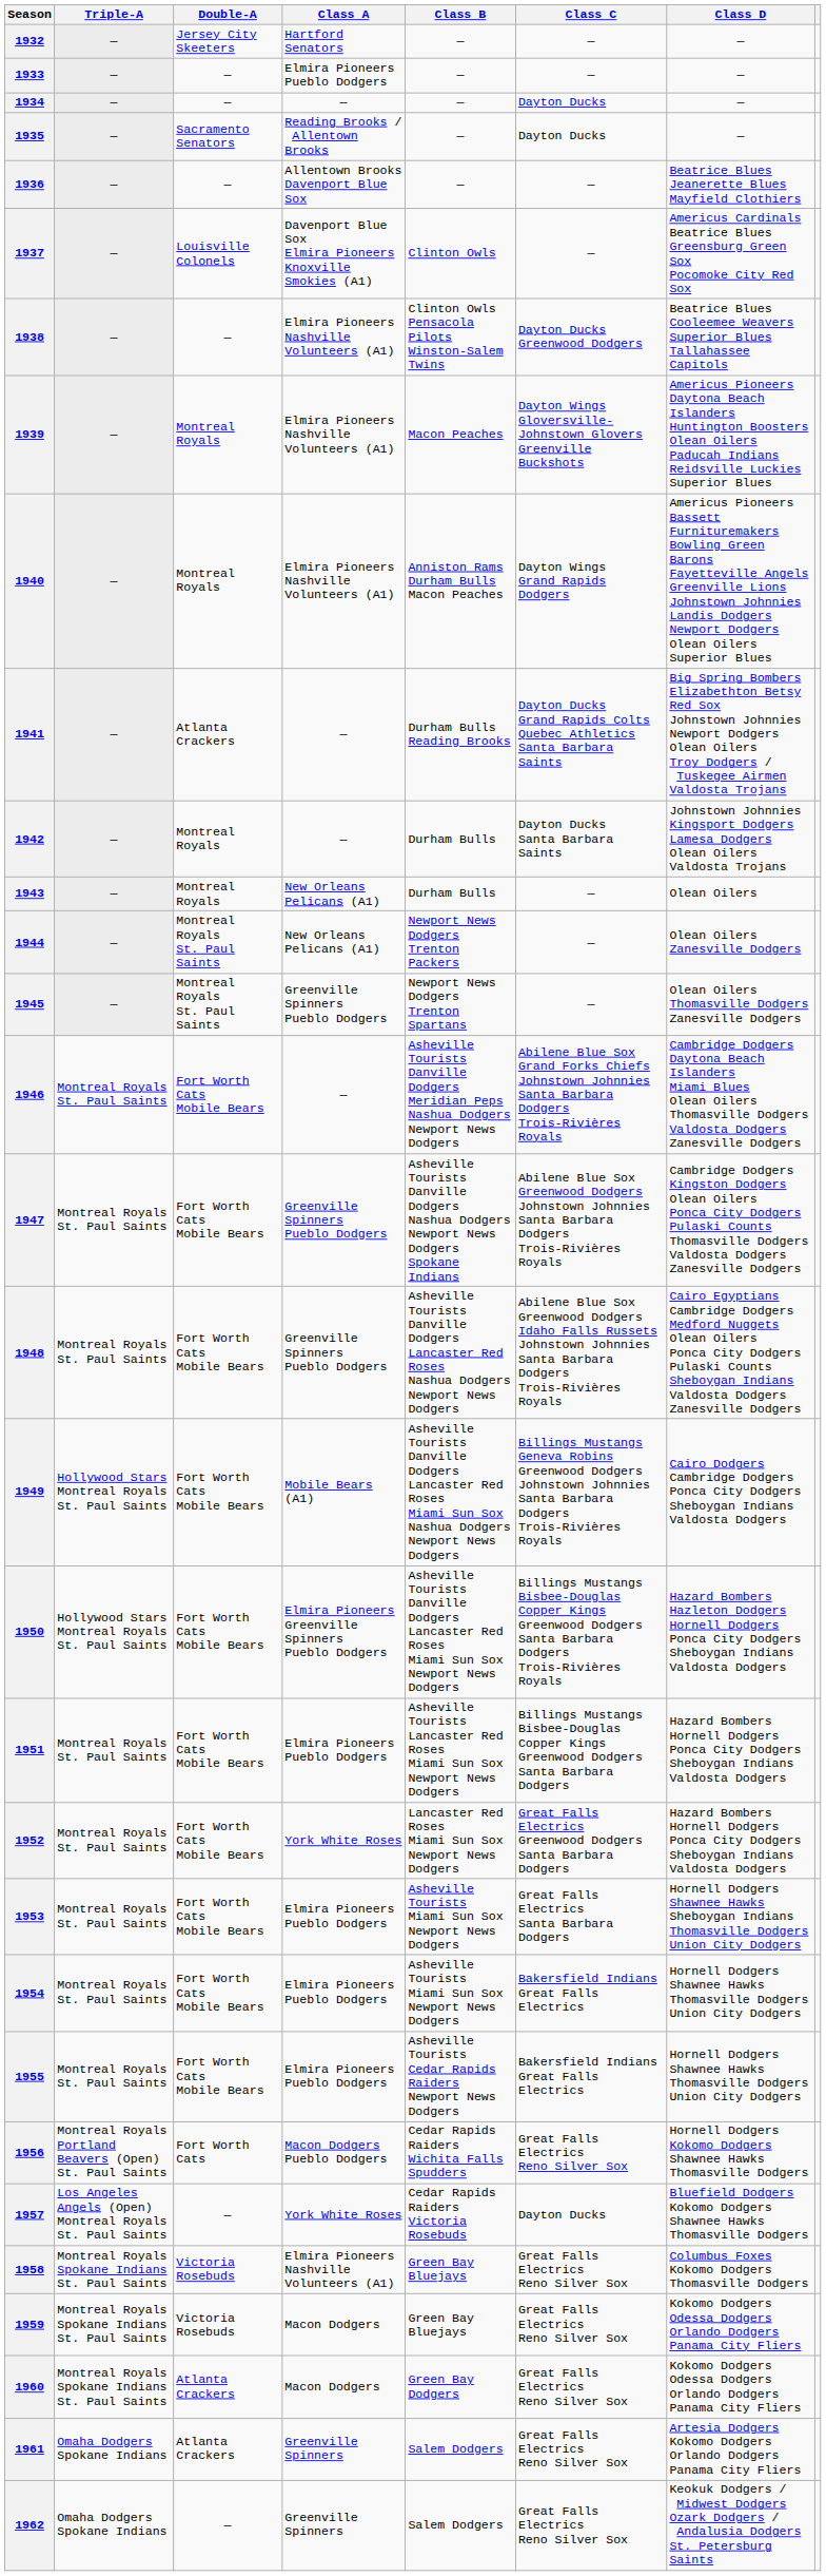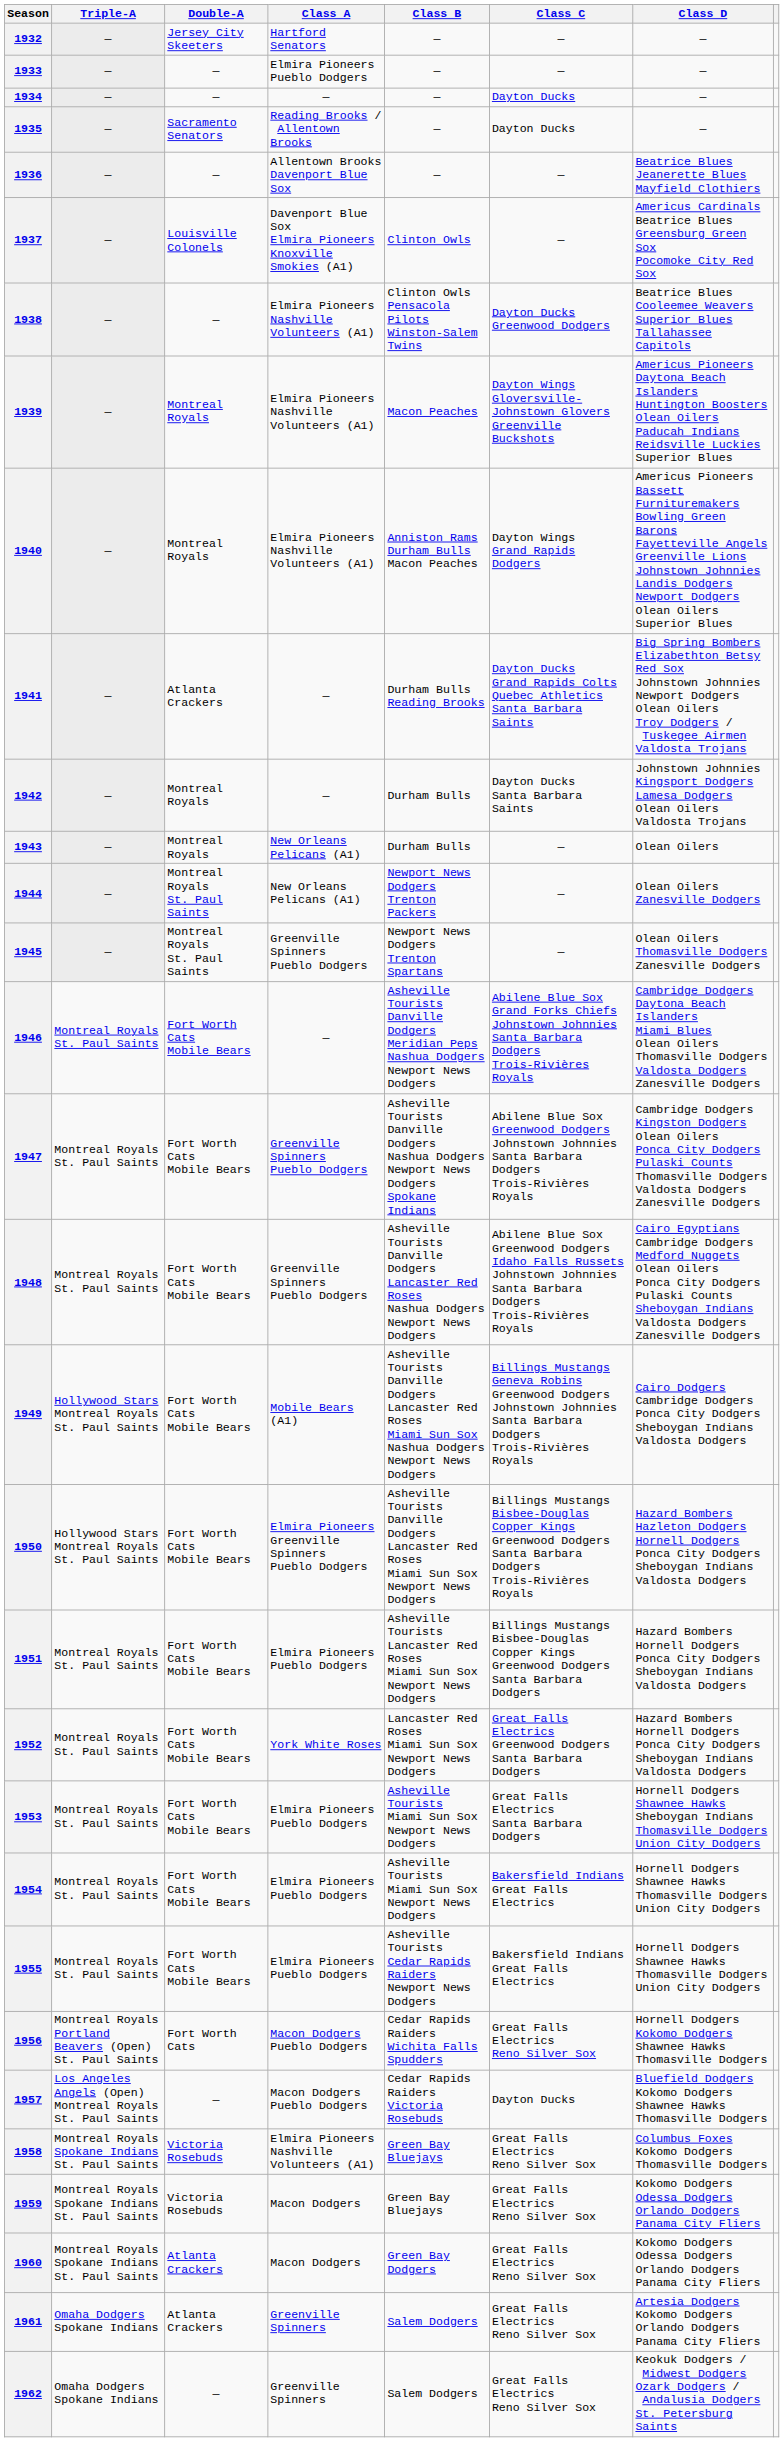 <table class="wikitable plainrowheaders">
 <tr>
 <th scope="col">Season</th>
 <th scope="col"><a href='#'><span>Triple-A</span></a></th>
 <th scope="col"><a href='#'><span>Double-A</span></a></th>
 <th scope="col"><a href='#'><span>Class A</span></a></th>
 <th scope="col"><a href='#'><span>Class B</span></a></th>
 <th scope="col"><a href='#'><span>Class C</span></a></th>
 <th scope="col"><a href='#'><span>Class D</span></a></th>
 <th scope="col"></th>
 </tr>
 <tr>
 <th scope="row" style="text-align:center"><a href='#'>1932</a></th>
 <td style="background:#ececec" align="center">—</td>
 <td><a href='#'>Jersey City Skeeters</a></td>
 <td><a href='#'>Hartford Senators</a></td>
 <td align="center">—</td>
 <td align="center">—</td>
 <td align="center">—</td>
 <td align="center"></td>
 </tr>
 <tr>
 <th scope="row" style="text-align:center"><a href='#'>1933</a></th>
 <td style="background:#ececec" align="center">—</td>
 <td align="center">—</td>
 <td>Elmira Pioneers<br>Pueblo Dodgers</td>
 <td align="center">—</td>
 <td align="center">—</td>
 <td align="center">—</td>
 <td align="center"></td>
 </tr>
 <tr>
 <th scope="row" style="text-align:center"><a href='#'>1934</a></th>
 <td style="background:#ececec" align="center">—</td>
 <td align="center">—</td>
 <td align="center">—</td>
 <td align="center">—</td>
 <td><a href='#'>Dayton Ducks</a></td>
 <td align="center">—</td>
 <td align="center"></td>
 </tr>
 <tr>
 <th scope="row" style="text-align:center"><a href='#'>1935</a></th>
 <td style="background:#ececec" align="center">—</td>
 <td><a href='#'>Sacramento Senators</a></td>
 <td><a href='#'>Reading Brooks</a> /<br> <a href='#'>Allentown Brooks</a></td>
 <td align="center">—</td>
 <td>Dayton Ducks</td>
 <td align="center">—</td>
 <td align="center"></td>
 </tr>
 <tr>
 <th scope="row" style="text-align:center"><a href='#'>1936</a></th>
 <td style="background:#ececec" align="center">—</td>
 <td align="center">—</td>
 <td>Allentown Brooks<br><a href='#'>Davenport Blue Sox</a></td>
 <td align="center">—</td>
 <td align="center">—</td>
 <td><a href='#'>Beatrice Blues</a><br><a href='#'>Jeanerette Blues</a><br><a href='#'>Mayfield Clothiers</a></td>
 <td align="center"></td>
 </tr>
 <tr>
 <th scope="row" style="text-align:center"><a href='#'>1937</a></th>
 <td style="background:#ececec" align="center">—</td>
 <td><a href='#'>Louisville Colonels</a></td>
 <td>Davenport Blue Sox<br><a href='#'>Elmira Pioneers</a><br><a href='#'>Knoxville Smokies</a> (A1)</td>
 <td><a href='#'>Clinton Owls</a></td>
 <td align="center">—</td>
 <td><a href='#'>Americus Cardinals</a><br>Beatrice Blues<br><a href='#'>Greensburg Green Sox</a><br><a href='#'>Pocomoke City Red Sox</a></td>
 <td align="center"></td>
 </tr>
 <tr>
 <th scope="row" style="text-align:center"><a href='#'>1938</a></th>
 <td style="background:#ececec" align="center">—</td>
 <td align="center">—</td>
 <td>Elmira Pioneers<br><a href='#'>Nashville Volunteers</a> (A1)</td>
 <td>Clinton Owls<br><a href='#'>Pensacola Pilots</a><br><a href='#'>Winston-Salem Twins</a></td>
 <td><a href='#'>Dayton Ducks</a><br><a href='#'>Greenwood Dodgers</a></td>
 <td>Beatrice Blues<br><a href='#'>Cooleemee Weavers</a><br><a href='#'>Superior Blues</a><br><a href='#'>Tallahassee Capitols</a></td>
 <td align="center"></td>
 </tr>
 <tr>
 <th scope="row" style="text-align:center"><a href='#'>1939</a></th>
 <td style="background:#ececec" align="center">—</td>
 <td><a href='#'>Montreal Royals</a></td>
 <td>Elmira Pioneers<br>Nashville Volunteers (A1)</td>
 <td><a href='#'>Macon Peaches</a></td>
 <td><a href='#'>Dayton Wings</a><br><a href='#'>Gloversville-Johnstown Glovers</a><br><a href='#'>Greenville Buckshots</a></td>
 <td><a href='#'>Americus Pioneers</a><br><a href='#'>Daytona Beach Islanders</a><br><a href='#'>Huntington Boosters</a><br><a href='#'>Olean Oilers</a><br><a href='#'>Paducah Indians</a><br><a href='#'>Reidsville Luckies</a><br>Superior Blues</td>
 <td align="center"></td>
 </tr>
 <tr>
 <th scope="row" style="text-align:center"><a href='#'>1940</a></th>
 <td style="background:#ececec" align="center">—</td>
 <td>Montreal Royals</td>
 <td>Elmira Pioneers<br>Nashville Volunteers (A1)</td>
 <td><a href='#'>Anniston Rams</a><br><a href='#'>Durham Bulls</a><br>Macon Peaches</td>
 <td>Dayton Wings<br><a href='#'>Grand Rapids Dodgers</a></td>
 <td>Americus Pioneers<br><a href='#'>Bassett Furnituremakers</a><br><a href='#'>Bowling Green Barons</a><br><a href='#'>Fayetteville Angels</a><br><a href='#'>Greenville Lions</a><br><a href='#'>Johnstown Johnnies</a><br><a href='#'>Landis Dodgers</a><br><a href='#'>Newport Dodgers</a><br>Olean Oilers<br>Superior Blues</td>
 <td align="center"></td>
 </tr>
 <tr>
 <th scope="row" style="text-align:center"><a href='#'>1941</a></th>
 <td style="background:#ececec" align="center">—</td>
 <td>Atlanta Crackers</td>
 <td align="center">—</td>
 <td>Durham Bulls<br><a href='#'>Reading Brooks</a></td>
 <td><a href='#'>Dayton Ducks</a><br><a href='#'>Grand Rapids Colts</a><br><a href='#'>Quebec Athletics</a><br><a href='#'>Santa Barbara Saints</a></td>
 <td><a href='#'>Big Spring Bombers</a><br><a href='#'>Elizabethton Betsy Red Sox</a><br>Johnstown Johnnies<br>Newport Dodgers<br>Olean Oilers<br><a href='#'>Troy Dodgers</a> /<br> <a href='#'>Tuskegee Airmen</a><br><a href='#'>Valdosta Trojans</a></td>
 <td align="center"></td>
 </tr>
 <tr>
 <th scope="row" style="text-align:center"><a href='#'>1942</a></th>
 <td style="background:#ececec" align="center">—</td>
 <td>Montreal Royals</td>
 <td align="center">—</td>
 <td>Durham Bulls</td>
 <td>Dayton Ducks<br>Santa Barbara Saints</td>
 <td>Johnstown Johnnies<br><a href='#'>Kingsport Dodgers</a><br><a href='#'>Lamesa Dodgers</a><br>Olean Oilers<br>Valdosta Trojans</td>
 <td align="center"></td>
 </tr>
 <tr>
 <th scope="row" style="text-align:center"><a href='#'>1943</a></th>
 <td style="background:#ececec" align="center">—</td>
 <td>Montreal Royals</td>
 <td><a href='#'>New Orleans Pelicans</a> (A1)</td>
 <td>Durham Bulls</td>
 <td align="center">—</td>
 <td>Olean Oilers</td>
 <td align="center"></td>
 </tr>
 <tr>
 <th scope="row" style="text-align:center"><a href='#'>1944</a></th>
 <td style="background:#ececec" align="center">—</td>
 <td>Montreal Royals<br><a href='#'>St. Paul Saints</a></td>
 <td>New Orleans Pelicans (A1)</td>
 <td><a href='#'>Newport News Dodgers</a><br><a href='#'>Trenton Packers</a></td>
 <td align="center">—</td>
 <td>Olean Oilers<br><a href='#'>Zanesville Dodgers</a></td>
 <td align="center"></td>
 </tr>
 <tr>
 <th scope="row" style="text-align:center"><a href='#'>1945</a></th>
 <td style="background:#ececec" align="center">—</td>
 <td>Montreal Royals<br>St. Paul Saints</td>
 <td>Greenville Spinners<br>Pueblo Dodgers</td>
 <td>Newport News Dodgers<br><a href='#'>Trenton Spartans</a></td>
 <td align="center">—</td>
 <td>Olean Oilers<br><a href='#'>Thomasville Dodgers</a><br>Zanesville Dodgers</td>
 <td align="center"></td>
 </tr>
 <tr>
 <th scope="row" style="text-align:center"><a href='#'>1946</a></th>
 <td><a href='#'>Montreal Royals</a><br><a href='#'>St. Paul Saints</a></td>
 <td><a href='#'>Fort Worth Cats</a><br><a href='#'>Mobile Bears</a></td>
 <td align="center">—</td>
 <td><a href='#'>Asheville Tourists</a><br><a href='#'>Danville Dodgers</a><br><a href='#'>Meridian Peps</a><br><a href='#'>Nashua Dodgers</a><br>Newport News Dodgers</td>
 <td><a href='#'>Abilene Blue Sox</a><br><a href='#'>Grand Forks Chiefs</a><br><a href='#'>Johnstown Johnnies</a><br><a href='#'>Santa Barbara Dodgers</a><br><a href='#'>Trois-Rivières Royals</a></td>
 <td><a href='#'>Cambridge Dodgers</a><br><a href='#'>Daytona Beach Islanders</a><br><a href='#'>Miami Blues</a><br>Olean Oilers<br>Thomasville Dodgers<br><a href='#'>Valdosta Dodgers</a><br>Zanesville Dodgers</td>
 <td align="center"></td>
 </tr>
 <tr>
 <th scope="row" style="text-align:center"><a href='#'>1947</a></th>
 <td>Montreal Royals<br>St. Paul Saints</td>
 <td>Fort Worth Cats<br>Mobile Bears</td>
 <td><a href='#'>Greenville Spinners</a><br><a href='#'>Pueblo Dodgers</a></td>
 <td>Asheville Tourists<br>Danville Dodgers<br>Nashua Dodgers<br>Newport News Dodgers<br><a href='#'>Spokane Indians</a></td>
 <td>Abilene Blue Sox<br><a href='#'>Greenwood Dodgers</a><br>Johnstown Johnnies<br>Santa Barbara Dodgers<br>Trois-Rivières Royals</td>
 <td>Cambridge Dodgers<br><a href='#'>Kingston Dodgers</a><br>Olean Oilers<br><a href='#'>Ponca City Dodgers</a><br><a href='#'>Pulaski Counts</a><br>Thomasville Dodgers<br>Valdosta Dodgers<br>Zanesville Dodgers</td>
 <td align="center"></td>
 </tr>
 <tr>
 <th scope="row" style="text-align:center"><a href='#'>1948</a></th>
 <td>Montreal Royals<br>St. Paul Saints</td>
 <td>Fort Worth Cats<br>Mobile Bears</td>
 <td>Greenville Spinners<br>Pueblo Dodgers</td>
 <td>Asheville Tourists<br>Danville Dodgers<br><a href='#'>Lancaster Red Roses</a><br>Nashua Dodgers<br>Newport News Dodgers</td>
 <td>Abilene Blue Sox<br>Greenwood Dodgers<br><a href='#'>Idaho Falls Russets</a><br>Johnstown Johnnies<br>Santa Barbara Dodgers<br>Trois-Rivières Royals</td>
 <td><a href='#'>Cairo Egyptians</a><br>Cambridge Dodgers<br><a href='#'>Medford Nuggets</a><br>Olean Oilers<br>Ponca City Dodgers<br>Pulaski Counts<br><a href='#'>Sheboygan Indians</a><br>Valdosta Dodgers<br>Zanesville Dodgers</td>
 <td align="center"></td>
 </tr>
 <tr>
 <th scope="row" style="text-align:center"><a href='#'>1949</a></th>
 <td><a href='#'>Hollywood Stars</a><br>Montreal Royals<br>St. Paul Saints</td>
 <td>Fort Worth Cats<br>Mobile Bears</td>
 <td><a href='#'>Mobile Bears</a> (A1)</td>
 <td>Asheville Tourists<br>Danville Dodgers<br>Lancaster Red Roses<br><a href='#'>Miami Sun Sox</a><br>Nashua Dodgers<br>Newport News Dodgers</td>
 <td><a href='#'>Billings Mustangs</a><br><a href='#'>Geneva Robins</a><br>Greenwood Dodgers<br>Johnstown Johnnies<br>Santa Barbara Dodgers<br>Trois-Rivières Royals</td>
 <td><a href='#'>Cairo Dodgers</a><br>Cambridge Dodgers<br>Ponca City Dodgers<br>Sheboygan Indians<br>Valdosta Dodgers</td>
 <td align="center"></td>
 </tr>
 <tr>
 <th scope="row" style="text-align:center"><a href='#'>1950</a></th>
 <td>Hollywood Stars<br>Montreal Royals<br>St. Paul Saints</td>
 <td>Fort Worth Cats<br>Mobile Bears</td>
 <td><a href='#'>Elmira Pioneers</a><br>Greenville Spinners<br>Pueblo Dodgers</td>
 <td>Asheville Tourists<br>Danville Dodgers<br>Lancaster Red Roses<br>Miami Sun Sox<br>Newport News Dodgers</td>
 <td>Billings Mustangs<br><a href='#'>Bisbee-Douglas Copper Kings</a><br>Greenwood Dodgers<br>Santa Barbara Dodgers<br>Trois-Rivières Royals</td>
 <td><a href='#'>Hazard Bombers</a><br><a href='#'>Hazleton Dodgers</a><br><a href='#'>Hornell Dodgers</a><br>Ponca City Dodgers<br>Sheboygan Indians<br>Valdosta Dodgers</td>
 <td align="center"></td>
 </tr>
 <tr>
 <th scope="row" style="text-align:center"><a href='#'>1951</a></th>
 <td>Montreal Royals<br>St. Paul Saints</td>
 <td>Fort Worth Cats<br>Mobile Bears</td>
 <td>Elmira Pioneers<br>Pueblo Dodgers</td>
 <td>Asheville Tourists<br>Lancaster Red Roses<br>Miami Sun Sox<br>Newport News Dodgers</td>
 <td>Billings Mustangs<br>Bisbee-Douglas Copper Kings<br>Greenwood Dodgers<br>Santa Barbara Dodgers</td>
 <td>Hazard Bombers<br>Hornell Dodgers<br>Ponca City Dodgers<br>Sheboygan Indians<br>Valdosta Dodgers</td>
 <td align="center"></td>
 </tr>
 <tr>
 <th scope="row" style="text-align:center"><a href='#'>1952</a></th>
 <td>Montreal Royals<br>St. Paul Saints</td>
 <td>Fort Worth Cats<br>Mobile Bears</td>
 <td><a href='#'>York White Roses</a></td>
 <td>Lancaster Red Roses<br>Miami Sun Sox<br>Newport News Dodgers</td>
 <td><a href='#'>Great Falls Electrics</a><br>Greenwood Dodgers<br>Santa Barbara Dodgers</td>
 <td>Hazard Bombers<br>Hornell Dodgers<br>Ponca City Dodgers<br>Sheboygan Indians<br>Valdosta Dodgers</td>
 <td align="center"></td>
 </tr>
 <tr>
 <th scope="row" style="text-align:center"><a href='#'>1953</a></th>
 <td>Montreal Royals<br>St. Paul Saints</td>
 <td>Fort Worth Cats<br>Mobile Bears</td>
 <td>Elmira Pioneers<br>Pueblo Dodgers</td>
 <td><a href='#'>Asheville Tourists</a><br>Miami Sun Sox<br>Newport News Dodgers</td>
 <td>Great Falls Electrics<br>Santa Barbara Dodgers</td>
 <td>Hornell Dodgers<br><a href='#'>Shawnee Hawks</a><br>Sheboygan Indians<br><a href='#'>Thomasville Dodgers</a><br><a href='#'>Union City Dodgers</a></td>
 <td align="center"></td>
 </tr>
 <tr>
 <th scope="row" style="text-align:center"><a href='#'>1954</a></th>
 <td>Montreal Royals<br>St. Paul Saints</td>
 <td>Fort Worth Cats<br>Mobile Bears</td>
 <td>Elmira Pioneers<br>Pueblo Dodgers</td>
 <td>Asheville Tourists<br>Miami Sun Sox<br>Newport News Dodgers</td>
 <td><a href='#'>Bakersfield Indians</a><br>Great Falls Electrics</td>
 <td>Hornell Dodgers<br>Shawnee Hawks<br>Thomasville Dodgers<br>Union City Dodgers</td>
 <td align="center"></td>
 </tr>
 <tr>
 <th><a href='#'>1955</a></th>
 <td>Montreal Royals<br>St. Paul Saints</td>
 <td>Fort Worth Cats<br>Mobile Bears</td>
 <td>Elmira Pioneers<br>Pueblo Dodgers</td>
 <td>Asheville Tourists<br><a href='#'>Cedar Rapids Raiders</a><br>Newport News Dodgers</td>
 <td>Bakersfield Indians<br>Great Falls Electrics</td>
 <td>Hornell Dodgers<br>Shawnee Hawks<br>Thomasville Dodgers<br>Union City Dodgers</td>
 <td align="center"></td>
 </tr>
 <tr>
 <th scope="row" style="text-align:center"><a href='#'>1956</a></th>
 <td>Montreal Royals<br><a href='#'>Portland Beavers</a> (Open)<br>St. Paul Saints</td>
 <td>Fort Worth Cats</td>
 <td><a href='#'>Macon Dodgers</a><br>Pueblo Dodgers</td>
 <td>Cedar Rapids Raiders<br><a href='#'>Wichita Falls Spudders</a></td>
 <td>Great Falls Electrics<br><a href='#'>Reno Silver Sox</a></td>
 <td>Hornell Dodgers<br><a href='#'>Kokomo Dodgers</a><br>Shawnee Hawks<br>Thomasville Dodgers</td>
 <td align="center"></td>
 </tr>
 <tr>
 <th scope="row" style="text-align:center"><a href='#'>1957</a></th>
 <td><a href='#'>Los Angeles Angels</a> (Open)<br>Montreal Royals<br>St. Paul Saints</td>
 <td align="center">—</td>
-<td><a href='#'>York White Roses</a></td>
+<td>Macon Dodgers<br>Pueblo Dodgers</td>
 <td>Cedar Rapids Raiders<br><a href='#'>Victoria Rosebuds</a></td>
 <td>Dayton Ducks</td>
 <td><a href='#'>Bluefield Dodgers</a><br>Kokomo Dodgers<br>Shawnee Hawks<br>Thomasville Dodgers</td>
 <td align="center"></td>
 </tr>
 <tr>
 <th scope="row" style="text-align:center"><a href='#'>1958</a></th>
 <td>Montreal Royals<br><a href='#'>Spokane Indians</a><br>St. Paul Saints</td>
 <td><a href='#'>Victoria Rosebuds</a></td>
 <td>Elmira Pioneers<br>Nashville Volunteers (A1)</td>
 <td><a href='#'>Green Bay Bluejays</a></td>
 <td>Great Falls Electrics<br>Reno Silver Sox</td>
 <td><a href='#'>Columbus Foxes</a><br>Kokomo Dodgers<br>Thomasville Dodgers</td>
 <td align="center"></td>
 </tr>
 <tr>
 <th scope="row" style="text-align:center"><a href='#'>1959</a></th>
 <td>Montreal Royals<br>Spokane Indians<br>St. Paul Saints</td>
 <td>Victoria Rosebuds</td>
 <td>Macon Dodgers</td>
 <td>Green Bay Bluejays</td>
 <td>Great Falls Electrics<br>Reno Silver Sox</td>
 <td>Kokomo Dodgers<br><a href='#'>Odessa Dodgers</a><br><a href='#'>Orlando Dodgers</a><br><a href='#'>Panama City Fliers</a></td>
 <td align="center"></td>
 </tr>
 <tr>
 <th scope="row" style="text-align:center"><a href='#'>1960</a></th>
 <td>Montreal Royals<br>Spokane Indians<br>St. Paul Saints</td>
 <td><a href='#'>Atlanta Crackers</a></td>
 <td>Macon Dodgers</td>
 <td><a href='#'>Green Bay Dodgers</a></td>
 <td>Great Falls Electrics<br>Reno Silver Sox</td>
 <td>Kokomo Dodgers<br>Odessa Dodgers<br>Orlando Dodgers<br>Panama City Fliers</td>
 <td align="center"></td>
 </tr>
 <tr>
 <th scope="row" style="text-align:center"><a href='#'>1961</a></th>
 <td><a href='#'>Omaha Dodgers</a><br>Spokane Indians</td>
 <td>Atlanta Crackers</td>
 <td><a href='#'>Greenville Spinners</a></td>
 <td><a href='#'>Salem Dodgers</a></td>
 <td>Great Falls Electrics<br>Reno Silver Sox</td>
 <td><a href='#'>Artesia Dodgers</a><br>Kokomo Dodgers<br>Orlando Dodgers<br>Panama City Fliers</td>
 <td align="center"></td>
 </tr>
 <tr>
 <th scope="row" style="text-align:center"><a href='#'>1962</a></th>
 <td>Omaha Dodgers<br>Spokane Indians</td>
 <td align="center">—</td>
 <td>Greenville Spinners</td>
 <td>Salem Dodgers</td>
 <td>Great Falls Electrics<br>Reno Silver Sox</td>
 <td>Keokuk Dodgers /<br> <a href='#'>Midwest Dodgers</a><br><a href='#'>Ozark Dodgers</a> /<br> <a href='#'>Andalusia Dodgers</a><br><a href='#'>St. Petersburg Saints</a></td>
 <td align="center"></td>
 </tr>
 </table>
